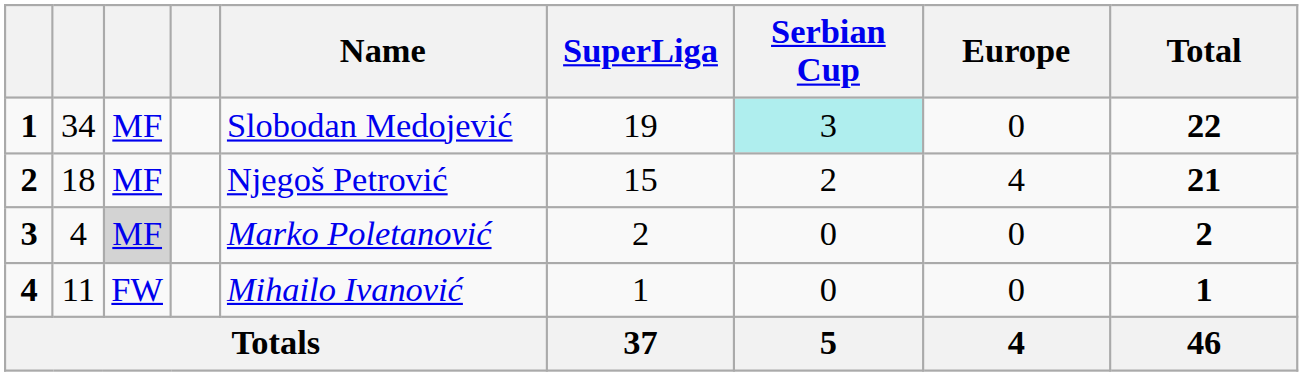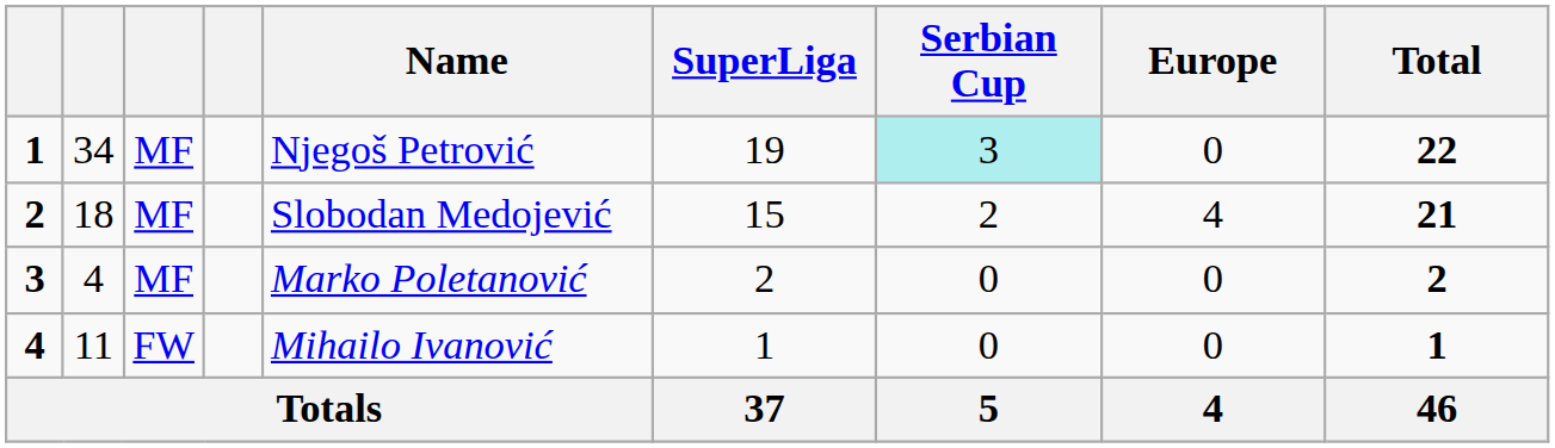 <table class="wikitable" style="text-align:center">
 <tr>
 <th width="15"></th>
 <th width="15"></th>
 <th width="15"></th>
 <th width="15"></th>
 <th width="145">Name</th>
 <th width="80"><a href='#'>SuperLiga</a></th>
 <th width="80"><a href='#'>Serbian Cup</a></th>
 <th width="80">Europe</th>
 <th width="80">Total</th>
 </tr>
 <tr>
 <td><strong>1</strong></td>
 <td>34</td>
 <td><a href='#'>MF</a></td>
 <td></td>
-<td align="left"><a href='#'>Slobodan Medojević</a></td>
+<td align="left"><a href='#'>Njegoš Petrović</a></td>
 <td>19</td>
 <td style="background: paleturquoise;">3</td>
 <td>0</td>
 <td><strong>22</strong></td>
 </tr>
 <tr>
 <td><strong>2</strong></td>
 <td>18</td>
 <td><a href='#'>MF</a></td>
 <td></td>
-<td align="left"><a href='#'>Njegoš Petrović</a></td>
+<td align="left"><a href='#'>Slobodan Medojević</a></td>
 <td>15</td>
 <td>2</td>
 <td>4</td>
 <td><strong>21</strong></td>
 </tr>
 <tr>
 <td><strong>3</strong></td>
 <td>4</td>
-<td style="background: lightgrey;"><a href='#'>MF</a></td>
+<td><a href='#'>MF</a></td>
 <td></td>
 <td align="left"><a href='#'><em>Marko Poletanović</em></a></td>
 <td>2</td>
 <td>0</td>
 <td>0</td>
 <td><strong>2</strong></td>
 </tr>
 <tr>
 <td><strong>4</strong></td>
 <td>11</td>
 <td><a href='#'>FW</a></td>
 <td></td>
 <td align="left"><a href='#'><em>Mihailo Ivanović</em></a></td>
 <td>1</td>
 <td>0</td>
 <td>0</td>
 <td><strong>1</strong></td>
 </tr>
 <tr>
 <th colspan="5">Totals</th>
 <th>37</th>
 <th>5</th>
 <th>4</th>
 <th>46</th>
 </tr>
 </table>
